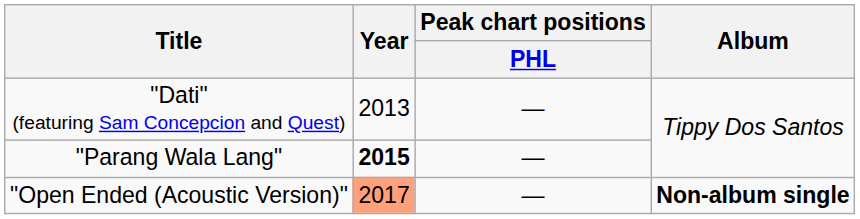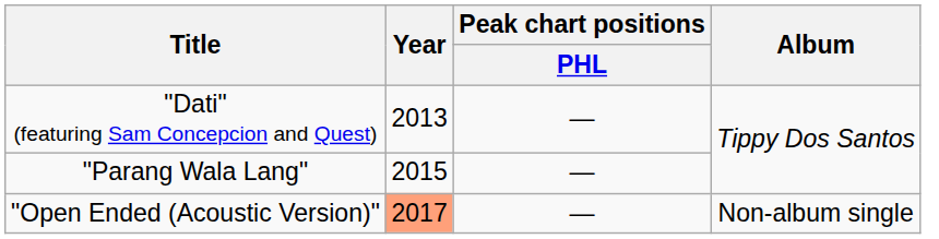 <table class="wikitable"style="text-align:center;">
 <tr>
 <th rowspan="2">Title</th>
 <th rowspan="2">Year</th>
 <th>Peak chart positions</th>
 <th rowspan="2">Album</th>
 </tr>
 <tr>
 <th><a href='#'>PHL</a></th>
 </tr>
 <tr>
 <td>"Dati"<br><small>(featuring <a href='#'>Sam Concepcion</a> and <a href='#'>Quest</a>)</small></td>
 <td>2013</td>
 <td>—</td>
 <td rowspan="2"><em>Tippy Dos Santos</em></td>
 </tr>
 <tr>
 <td>"Parang Wala Lang"</td>
-<td><strong>2015</strong></td>
+<td>2015</td>
 <td>—</td>
 </tr>
 <tr>
 <td>"Open Ended (Acoustic Version)"</td>
 <td style="background: lightsalmon;">2017</td>
 <td>—</td>
-<td><strong>Non-album single</strong></td>
+<td>Non-album single</td>
 </tr>
 </table>
